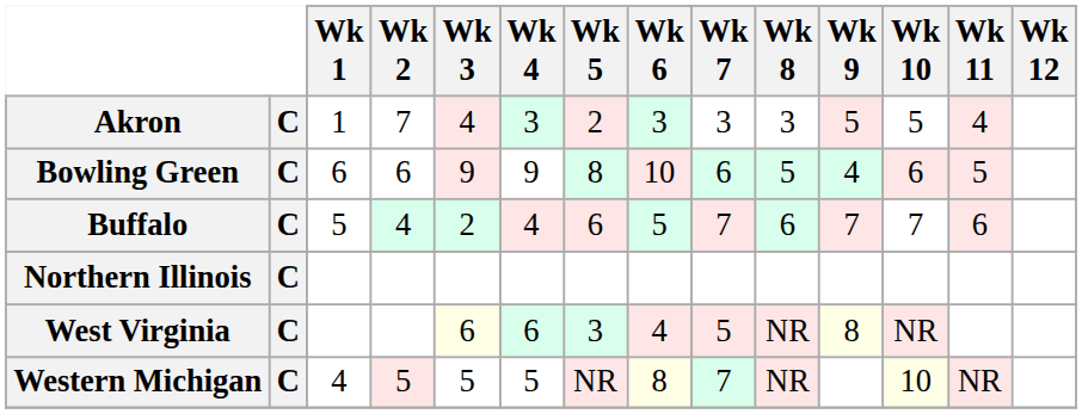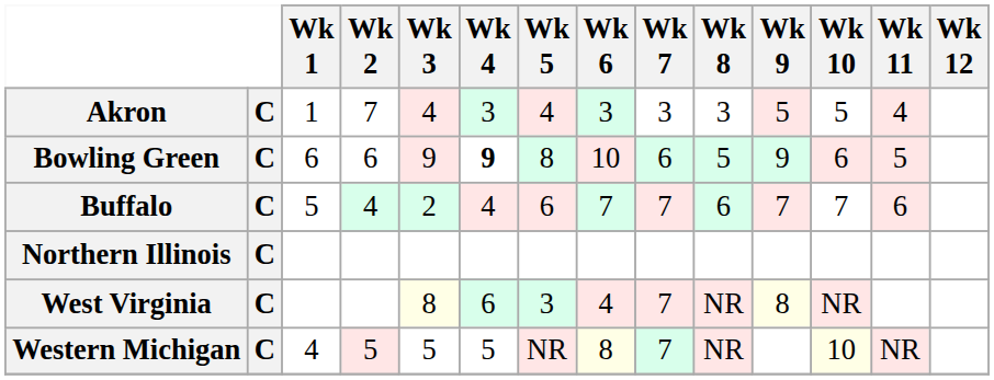 <table class="wikitable" style="white-space:nowrap;font-size:90%;">
 <tr>
 <th colspan=2 style="background:white; border-top-style:hidden; border-left-style:hidden;"> </th>
 <th>Wk<br>1</th>
 <th>Wk<br>2</th>
 <th>Wk<br>3</th>
 <th>Wk<br>4</th>
 <th>Wk<br>5</th>
 <th>Wk<br>6</th>
 <th>Wk<br>7</th>
 <th>Wk<br>8</th>
 <th>Wk<br>9</th>
 <th>Wk<br>10</th>
 <th>Wk<br>11</th>
 <th>Wk<br>12</th>
 </tr>
 <tr style="text-align:center;">
 <th>Akron</th>
 <th>C</th>
 <td style="background:#FFF;"> 1</td>
 <td style="background:#FFF;"> 7</td>
 <td style="background:#FFE6E6;"> 4</td>
 <td style="background:#D8FFEB;"> 3</td>
-<td style="background:#FFE6E6;"> 2</td>
+<td style="background:#FFE6E6;"> 4</td>
 <td style="background:#D8FFEB;"> 3</td>
 <td style="background:#FFF;"> 3</td>
 <td style="background:#FFF;"> 3</td>
 <td style="background:#FFE6E6;"> 5</td>
 <td style="background:#FFF;"> 5</td>
 <td style="background:#FFE6E6;"> 4</td>
 <td style="background:#FFF;"></td>
 </tr>
 <tr style="text-align:center;">
 <th>Bowling Green</th>
 <th>C</th>
 <td style="background:#FFF;"> 6</td>
 <td style="background:#FFF;"> 6</td>
 <td style="background:#FFE6E6;"> 9</td>
-<td style="background:#FFF;"> 9</td>
+<td style="background:#FFF;"><strong> 9</strong></td>
 <td style="background:#D8FFEB;"> 8</td>
 <td style="background:#FFE6E6;"> 10</td>
 <td style="background:#D8FFEB;"> 6</td>
 <td style="background:#D8FFEB;"> 5</td>
-<td style="background:#D8FFEB;"> 4</td>
+<td style="background:#D8FFEB;"> 9</td>
 <td style="background:#FFE6E6;"> 6</td>
 <td style="background:#FFE6E6;"> 5</td>
 <td style="background:#FFF;"></td>
 </tr>
 <tr style="text-align:center;">
 <th>Buffalo</th>
 <th>C</th>
 <td style="background:#FFF;"> 5</td>
 <td style="background:#D8FFEB;"> 4</td>
 <td style="background:#D8FFEB;"> 2</td>
 <td style="background:#FFE6E6;"> 4</td>
 <td style="background:#FFE6E6;"> 6</td>
-<td style="background:#D8FFEB;"> 5</td>
+<td style="background:#D8FFEB;"> 7</td>
 <td style="background:#FFE6E6;"> 7</td>
 <td style="background:#D8FFEB;"> 6</td>
 <td style="background:#FFE6E6;"> 7</td>
 <td style="background:#FFF;"> 7</td>
 <td style="background:#FFE6E6;"> 6</td>
 <td style="background:#FFF;"></td>
 </tr>
 <tr style="text-align:center;">
 <th>Northern Illinois</th>
 <th>C</th>
 <td style="background:#FFF;"></td>
 <td style="background:#FFF;"></td>
 <td style="background:#FFF;"></td>
 <td style="background:#FFF;"></td>
 <td style="background:#FFF;"></td>
 <td style="background:#FFF;"></td>
 <td style="background:#FFF;"></td>
 <td style="background:#FFF;"></td>
 <td style="background:#FFF;"></td>
 <td style="background:#FFF;"></td>
 <td style="background:#FFF;"></td>
 <td style="background:#FFF;"></td>
 </tr>
 <tr style="text-align:center;">
 <th>West Virginia</th>
 <th>C</th>
 <td style="background:#FFF;"></td>
 <td style="background:#FFF;"></td>
-<td style="background:#FFFFE6;"> 6</td>
+<td style="background:#FFFFE6;"> 8</td>
 <td style="background:#D8FFEB;"> 6</td>
 <td style="background:#D8FFEB;"> 3</td>
 <td style="background:#FFE6E6;"> 4</td>
-<td style="background:#FFE6E6;"> 5</td>
+<td style="background:#FFE6E6;"> 7</td>
 <td style="background:#FFE6E6;"> NR</td>
 <td style="background:#FFFFE6;"> 8</td>
 <td style="background:#FFE6E6;"> NR</td>
 <td style="background:#FFF;"></td>
 <td style="background:#FFF;"></td>
 </tr>
 <tr style="text-align:center;">
 <th>Western Michigan</th>
 <th>C</th>
 <td style="background:#FFF;"> 4</td>
 <td style="background:#FFE6E6;"> 5</td>
 <td style="background:#FFF;"> 5</td>
 <td style="background:#FFF;"> 5</td>
 <td style="background:#FFE6E6;"> NR</td>
 <td style="background:#FFFFE6;"> 8</td>
 <td style="background:#D8FFEB;"> 7</td>
 <td style="background:#FFE6E6;"> NR</td>
 <td style="background:#FFF;"></td>
 <td style="background:#FFFFE6;"> 10</td>
 <td style="background:#FFE6E6;"> NR</td>
 <td style="background:#FFF;"></td>
 </tr>
 <tr style="text-align:center;">
 </tr>
 </table>
